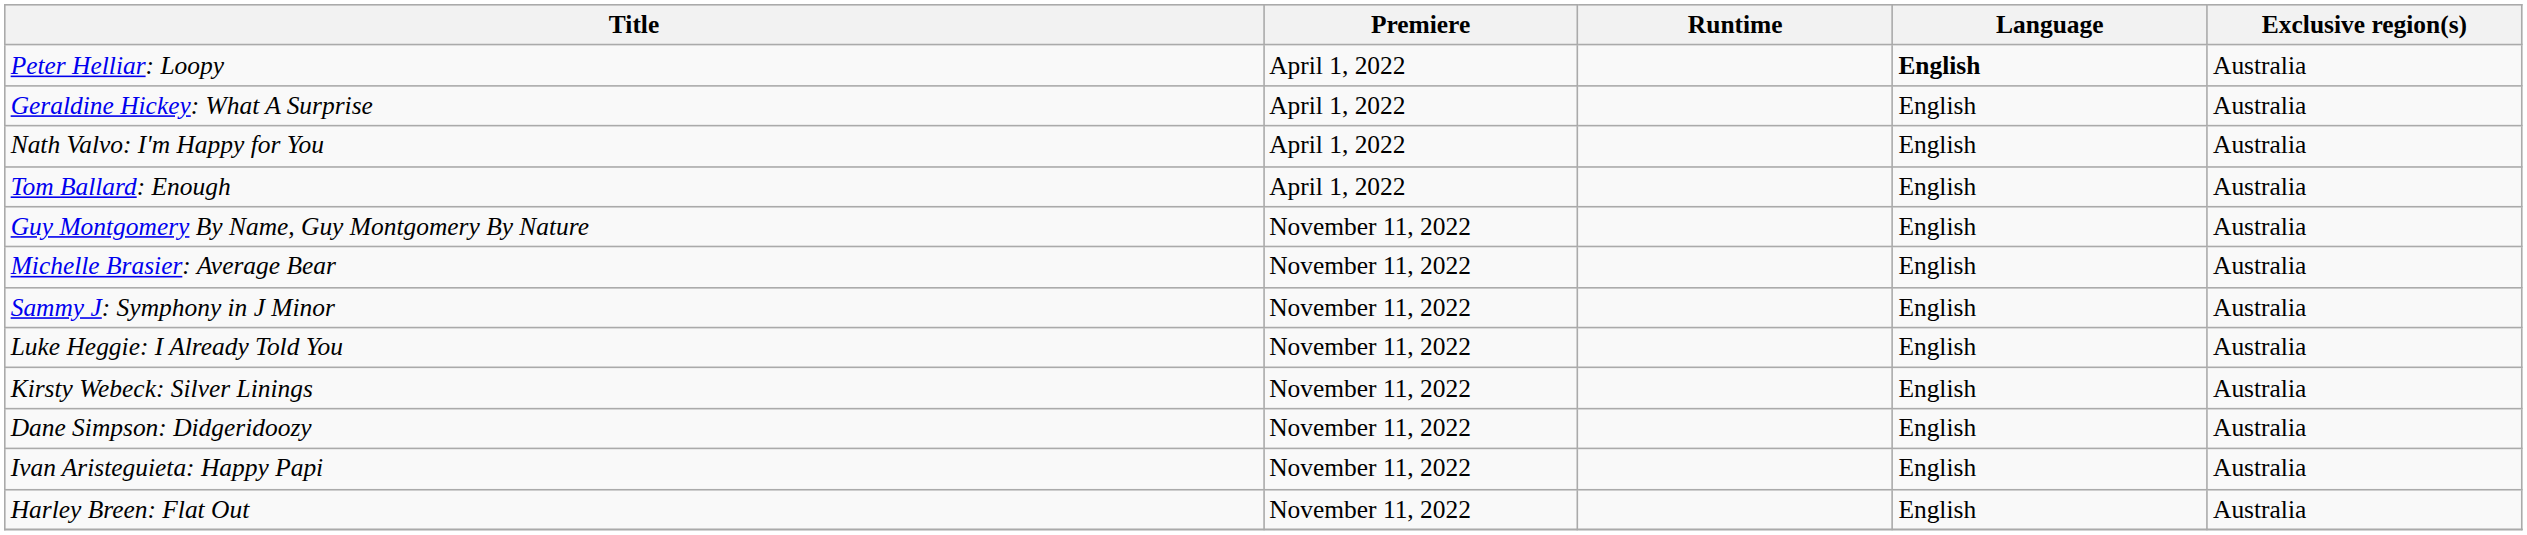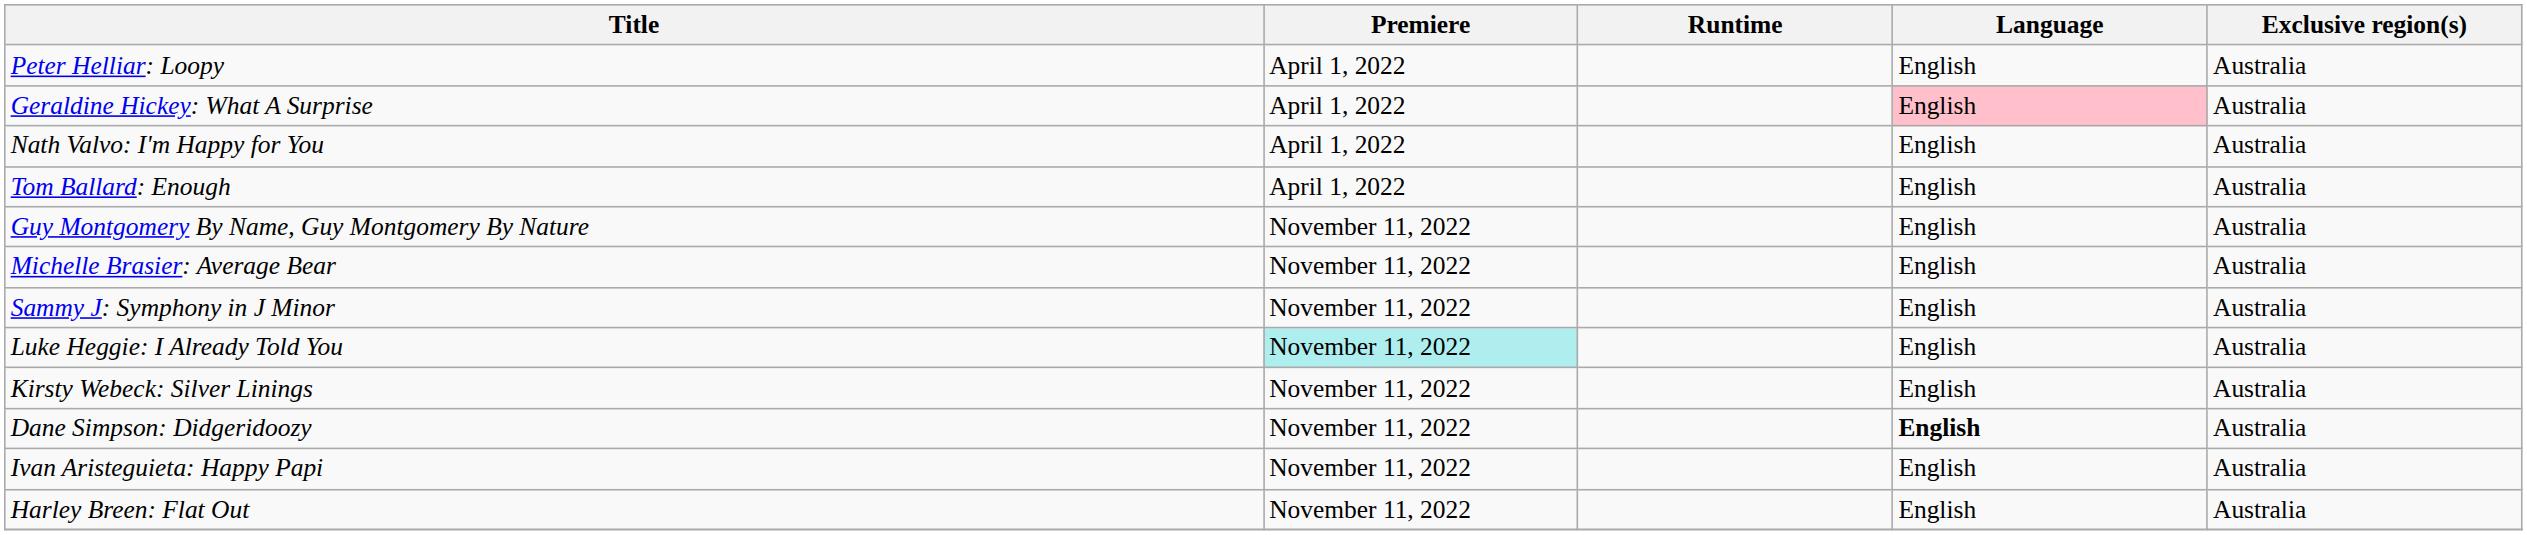 <table class="wikitable sortable" style="width:100%;">
 <tr>
 <th style="width:40%;">Title</th>
 <th style="width:10%;">Premiere</th>
 <th style="width:10%;">Runtime</th>
 <th style="width:10%;">Language</th>
 <th style="width:10%;">Exclusive region(s)</th>
 </tr>
 <tr>
 <td><em><a href='#'>Peter Helliar</a>: Loopy</em></td>
 <td>April 1, 2022</td>
 <td></td>
-<td><strong>English</strong></td>
+<td>English</td>
 <td>Australia</td>
 </tr>
 <tr>
 <td><em><a href='#'>Geraldine Hickey</a>: What A Surprise</em></td>
 <td>April 1, 2022</td>
 <td></td>
-<td>English</td>
+<td style="background: pink;">English</td>
 <td>Australia</td>
 </tr>
 <tr>
 <td><em>Nath Valvo: I'm Happy for You</em></td>
 <td>April 1, 2022</td>
 <td></td>
 <td>English</td>
 <td>Australia</td>
 </tr>
 <tr>
 <td><em><a href='#'>Tom Ballard</a>: Enough</em></td>
 <td>April 1, 2022</td>
 <td></td>
 <td>English</td>
 <td>Australia</td>
 </tr>
 <tr>
 <td><em><a href='#'>Guy Montgomery</a> By Name, Guy Montgomery By Nature</em></td>
 <td>November 11, 2022</td>
 <td></td>
 <td>English</td>
 <td>Australia</td>
 </tr>
 <tr>
 <td><em><a href='#'>Michelle Brasier</a>: Average Bear</em></td>
 <td>November 11, 2022</td>
 <td></td>
 <td>English</td>
 <td>Australia</td>
 </tr>
 <tr>
 <td><em><a href='#'>Sammy J</a>: Symphony in J Minor</em></td>
 <td>November 11, 2022</td>
 <td></td>
 <td>English</td>
 <td>Australia</td>
 </tr>
 <tr>
 <td><em>Luke Heggie: I Already Told You</em></td>
-<td>November 11, 2022</td>
+<td style="background: paleturquoise;">November 11, 2022</td>
 <td></td>
 <td>English</td>
 <td>Australia</td>
 </tr>
 <tr>
 <td><em>Kirsty Webeck: Silver Linings</em></td>
 <td>November 11, 2022</td>
 <td></td>
 <td>English</td>
 <td>Australia</td>
 </tr>
 <tr>
 <td><em>Dane Simpson: Didgeridoozy</em></td>
 <td>November 11, 2022</td>
 <td></td>
-<td>English</td>
+<td><strong>English</strong></td>
 <td>Australia</td>
 </tr>
 <tr>
 <td><em>Ivan Aristeguieta: Happy Papi</em></td>
 <td>November 11, 2022</td>
 <td></td>
 <td>English</td>
 <td>Australia</td>
 </tr>
 <tr>
 <td><em>Harley Breen: Flat Out</em></td>
 <td>November 11, 2022</td>
 <td></td>
 <td>English</td>
 <td>Australia</td>
 </tr>
 <tr>
 </tr>
 </table>
